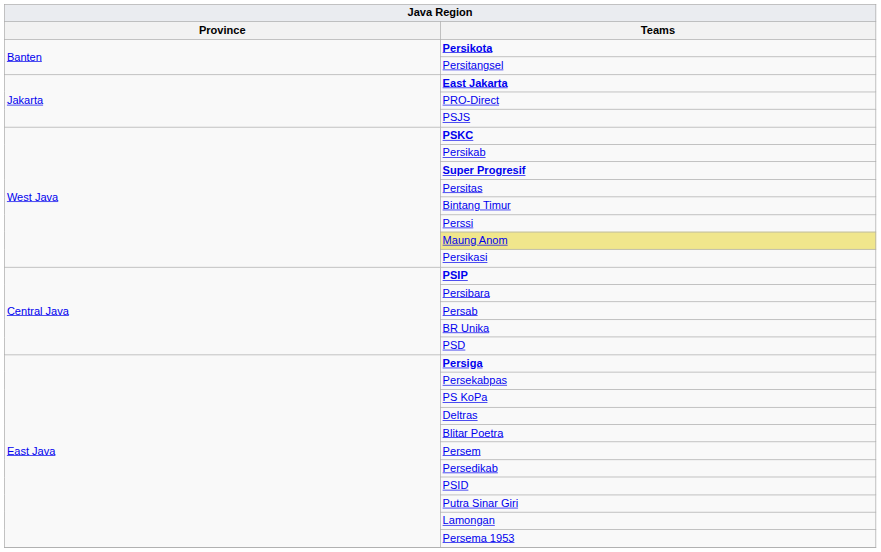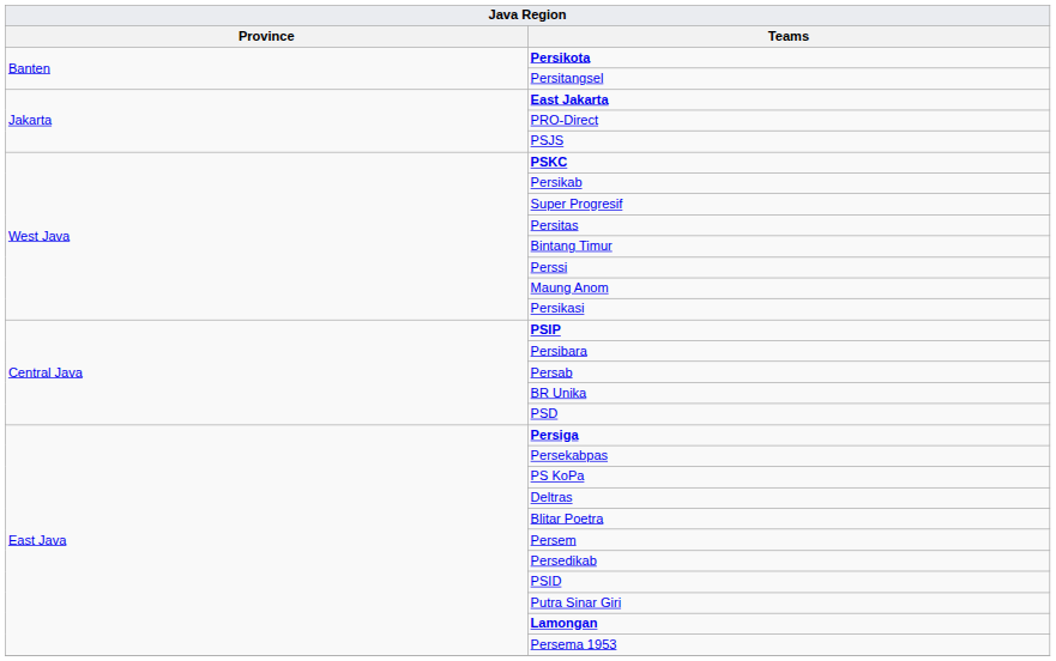 <table class="wikitable sortable" style="width:100%;">
 <tr>
 <th colspan=2 style="background-color:#eaecf0;text-align:center;"><strong>Java Region</strong></th>
 </tr>
 <tr>
 <th style="width:50%;">Province</th>
 <th style="width:50%;">Teams</th>
 </tr>
 <tr>
 <td rowspan=2> <a href='#'>Banten</a></td>
 <td><strong><a href='#'>Persikota</a></strong></td>
 </tr>
 <tr>
 <td><a href='#'>Persitangsel</a></td>
 </tr>
 <tr>
 <td rowspan=3> <a href='#'>Jakarta</a></td>
 <td><strong><a href='#'>East Jakarta</a></strong></td>
 </tr>
 <tr>
 <td><a href='#'>PRO-Direct</a></td>
 </tr>
 <tr>
 <td><a href='#'>PSJS</a></td>
 </tr>
 <tr>
 <td rowspan=8> <a href='#'>West Java</a></td>
 <td><strong><a href='#'>PSKC</a></strong></td>
 </tr>
 <tr>
 <td><a href='#'>Persikab</a></td>
 </tr>
 <tr>
-<td><strong><a href='#'>Super Progresif</a></strong></td>
+<td><a href='#'>Super Progresif</a></td>
 </tr>
 <tr>
 <td><a href='#'>Persitas</a></td>
 </tr>
 <tr>
 <td><a href='#'>Bintang Timur</a></td>
 </tr>
 <tr>
 <td><a href='#'>Perssi</a></td>
 </tr>
 <tr>
-<td style="background: khaki;"><a href='#'>Maung Anom</a></td>
+<td><a href='#'>Maung Anom</a></td>
 </tr>
 <tr>
 <td><a href='#'>Persikasi</a></td>
 </tr>
 <tr>
 <td rowspan=5> <a href='#'>Central Java</a></td>
 <td><strong><a href='#'>PSIP</a></strong></td>
 </tr>
 <tr>
 <td><a href='#'>Persibara</a></td>
 </tr>
 <tr>
 <td><a href='#'>Persab</a></td>
 </tr>
 <tr>
 <td><a href='#'>BR Unika</a></td>
 </tr>
 <tr>
 <td><a href='#'>PSD</a></td>
 </tr>
 <tr>
 <td rowspan=11> <a href='#'>East Java</a></td>
 <td><strong><a href='#'>Persiga</a></strong></td>
 </tr>
 <tr>
 <td><a href='#'>Persekabpas</a></td>
 </tr>
 <tr>
 <td><a href='#'>PS KoPa</a></td>
 </tr>
 <tr>
 <td><a href='#'>Deltras</a></td>
 </tr>
 <tr>
 <td><a href='#'>Blitar Poetra</a></td>
 </tr>
 <tr>
 <td><a href='#'>Persem</a></td>
 </tr>
 <tr>
 <td><a href='#'>Persedikab</a></td>
 </tr>
 <tr>
 <td><a href='#'>PSID</a></td>
 </tr>
 <tr>
 <td><a href='#'>Putra Sinar Giri</a></td>
 </tr>
 <tr>
-<td><a href='#'>Lamongan</a></td>
+<td><strong><a href='#'>Lamongan</a></strong></td>
 </tr>
 <tr>
 <td><a href='#'>Persema 1953</a></td>
 </tr>
 <tr>
 </tr>
 </table>
